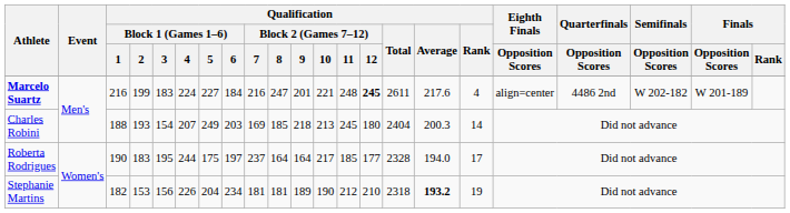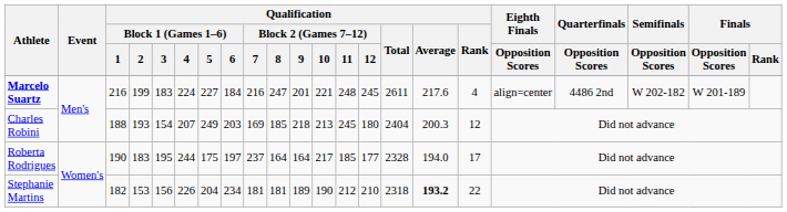 <table class="wikitable" style="font-size:90%">
 <tr>
 <th rowspan=3>Athlete</th>
 <th rowspan=3>Event</th>
 <th colspan=15>Qualification</th>
 <th rowspan=2>Eighth Finals</th>
 <th rowspan=2>Quarterfinals</th>
 <th rowspan=2>Semifinals</th>
 <th rowspan=2 colspan=2>Finals</th>
 </tr>
 <tr>
 <th colspan=6>Block 1 (Games 1–6)</th>
 <th colspan=6>Block 2 (Games 7–12)</th>
 <th rowspan=2>Total</th>
 <th rowspan=2>Average</th>
 <th rowspan=2>Rank</th>
 </tr>
 <tr>
 <th>1</th>
 <th>2</th>
 <th>3</th>
 <th>4</th>
 <th>5</th>
 <th>6</th>
 <th>7</th>
 <th>8</th>
 <th>9</th>
 <th>10</th>
 <th>11</th>
 <th>12</th>
 <th>Opposition<br>Scores</th>
 <th>Opposition<br>Scores</th>
 <th>Opposition<br>Scores</th>
 <th>Opposition<br>Scores</th>
 <th>Rank</th>
 </tr>
 <tr>
 </tr>
 <tr>
 <td><strong><a href='#'>Marcelo Suartz</a></strong></td>
 <td rowspan=2><a href='#'>Men's</a><br></td>
 <td align=center>216</td>
 <td align=center>199</td>
 <td align=center>183</td>
 <td align=center>224</td>
 <td align=center>227</td>
 <td align=center>184</td>
 <td align=center>216</td>
 <td align=center>247</td>
 <td align=center>201</td>
 <td align=center>221</td>
 <td align=center>248</td>
-<td align=center><strong>245</strong></td>
+<td align=center>245</td>
 <td align=center>2611</td>
 <td align=center>217.6</td>
 <td align=center>4</td>
 <td>align=center </td>
 <td align=center>4486 2nd</td>
 <td align=center> W 202-182</td>
 <td align=center> W 201-189</td>
 <td align=center></td>
 </tr>
 <tr>
 <td><a href='#'>Charles Robini</a></td>
 <td align=center>188</td>
 <td align=center>193</td>
 <td align=center>154</td>
 <td align=center>207</td>
 <td align=center>249</td>
 <td align=center>203</td>
 <td align=center>169</td>
 <td align=center>185</td>
 <td align=center>218</td>
 <td align=center>213</td>
 <td align=center>245</td>
 <td align=center>180</td>
 <td align=center>2404</td>
 <td align=center>200.3</td>
-<td align=center>14</td>
+<td align=center>12</td>
 <td align=center colspan=7>Did not advance</td>
 </tr>
 <tr>
 <td><a href='#'>Roberta Rodrigues</a></td>
 <td rowspan=2><a href='#'>Women's</a><br></td>
 <td align=center>190</td>
 <td align=center>183</td>
 <td align=center>195</td>
 <td align=center>244</td>
 <td align=center>175</td>
 <td align=center>197</td>
 <td align=center>237</td>
 <td align=center>164</td>
 <td align=center>164</td>
 <td align=center>217</td>
 <td align=center>185</td>
 <td align=center>177</td>
 <td align=center>2328</td>
 <td align=center>194.0</td>
 <td align=center>17</td>
 <td align=center colspan=7>Did not advance</td>
 </tr>
 <tr>
 <td><a href='#'>Stephanie Martins</a></td>
 <td align=center>182</td>
 <td align=center>153</td>
 <td align=center>156</td>
 <td align=center>226</td>
 <td align=center>204</td>
 <td align=center>234</td>
 <td align=center>181</td>
 <td align=center>181</td>
 <td align=center>189</td>
 <td align=center>190</td>
 <td align=center>212</td>
 <td align=center>210</td>
 <td align=center>2318</td>
 <td align=center><strong>193.2</strong></td>
-<td align=center>19</td>
+<td align=center>22</td>
 <td align=center colspan=7>Did not advance</td>
 </tr>
 </table>
